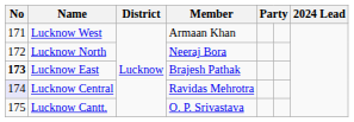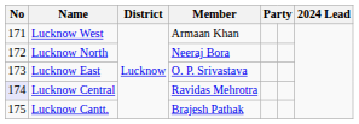 <table class="wikitable sortable">
 <tr>
 <th>No</th>
 <th>Name</th>
 <th>District</th>
 <th>Member</th>
 <th colspan="2">Party</th>
 <th colspan="2">2024 Lead</th>
 </tr>
 <tr>
 <td>171</td>
 <td><a href='#'>Lucknow West</a></td>
 <td rowspan="5"><a href='#'>Lucknow</a></td>
 <td>Armaan Khan</td>
 <td></td>
 <td></td>
 </tr>
 <tr>
 <td>172</td>
 <td><a href='#'>Lucknow North</a></td>
 <td><a href='#'>Neeraj Bora</a></td>
 <td></td>
 <td></td>
 </tr>
 <tr>
-<td><strong>173</strong></td>
+<td>173</td>
 <td><a href='#'>Lucknow East</a></td>
-<td><a href='#'>Brajesh Pathak</a></td>
+<td><a href='#'>O. P. Srivastava</a></td>
 <td></td>
 <td></td>
 </tr>
 <tr>
 <td style="background: lavender;">174</td>
 <td><a href='#'>Lucknow Central</a></td>
 <td><a href='#'>Ravidas Mehrotra</a></td>
 <td></td>
 <td></td>
 </tr>
 <tr>
 <td>175</td>
 <td><a href='#'>Lucknow Cantt.</a></td>
-<td><a href='#'>O. P. Srivastava</a></td>
+<td><a href='#'>Brajesh Pathak</a></td>
 <td></td>
 <td></td>
 </tr>
 </table>
